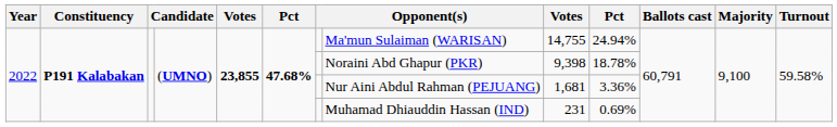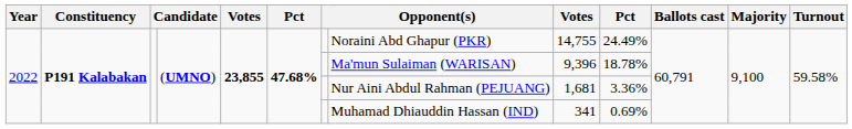 <table class="wikitable" style="margin:0.5em ; font-size:95%">
 <tr>
 <th>Year</th>
 <th>Constituency</th>
 <th colspan=2>Candidate</th>
 <th>Votes</th>
 <th>Pct</th>
 <th colspan=2>Opponent(s)</th>
 <th>Votes</th>
 <th>Pct</th>
 <th>Ballots cast</th>
 <th>Majority</th>
 <th>Turnout</th>
 </tr>
 <tr>
 <td rowspan="4"><a href='#'>2022</a></td>
 <td rowspan="4"><strong>P191 <a href='#'>Kalabakan</a></strong></td>
 <td rowspan="4" ></td>
 <td rowspan="4"> (<a href='#'><strong>UMNO</strong></a>)</td>
 <td rowspan="4" align="right"><strong>23,855</strong></td>
 <td rowspan="4"><strong>47.68%</strong></td>
 <td></td>
-<td><a href='#'>Ma'mun Sulaiman</a> (<a href='#'>WARISAN</a>)</td>
+<td>Noraini Abd Ghapur (<a href='#'>PKR</a>)</td>
 <td align="right">14,755</td>
-<td>24.94%</td>
+<td>24.49%</td>
 <td rowspan=4>60,791</td>
 <td rowspan=4>9,100</td>
 <td rowspan=4>59.58%</td>
 </tr>
 <tr>
 <td></td>
-<td>Noraini Abd Ghapur (<a href='#'>PKR</a>)</td>
-<td align="right">9,398</td>
+<td><a href='#'>Ma'mun Sulaiman</a> (<a href='#'>WARISAN</a>)</td>
+<td align="right">9,396</td>
 <td>18.78%</td>
 </tr>
 <tr>
 <td bgcolor=></td>
 <td>Nur Aini Abdul Rahman (<a href='#'>PEJUANG</a>)</td>
 <td align="right">1,681</td>
 <td align=right>3.36%</td>
 </tr>
 <tr>
 <td></td>
 <td>Muhamad Dhiauddin Hassan (<a href='#'>IND</a>)</td>
-<td align="right">231</td>
+<td align="right">341</td>
 <td align=right>0.69%</td>
 </tr>
 </table>
